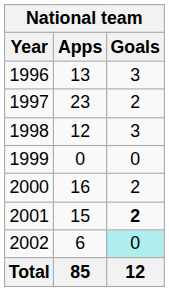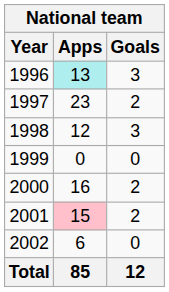 <table class="wikitable" style="text-align:center">
 <tr>
 <th colspan=3>National team</th>
 </tr>
 <tr>
 <th>Year</th>
 <th>Apps</th>
 <th>Goals</th>
 </tr>
 <tr>
 <td>1996</td>
-<td>13</td>
+<td style="background: paleturquoise;">13</td>
 <td>3</td>
 </tr>
 <tr>
 <td>1997</td>
 <td>23</td>
 <td>2</td>
 </tr>
 <tr>
 <td>1998</td>
 <td>12</td>
 <td>3</td>
 </tr>
 <tr>
 <td>1999</td>
 <td>0</td>
 <td>0</td>
 </tr>
 <tr>
 <td>2000</td>
 <td>16</td>
 <td>2</td>
 </tr>
 <tr>
 <td>2001</td>
-<td>15</td>
-<td><strong>2</strong></td>
+<td style="background: pink;">15</td>
+<td>2</td>
 </tr>
 <tr>
 <td>2002</td>
 <td>6</td>
-<td style="background: paleturquoise;">0</td>
+<td>0</td>
 </tr>
 <tr>
 <th>Total</th>
 <th>85</th>
 <th>12</th>
 </tr>
 </table>
